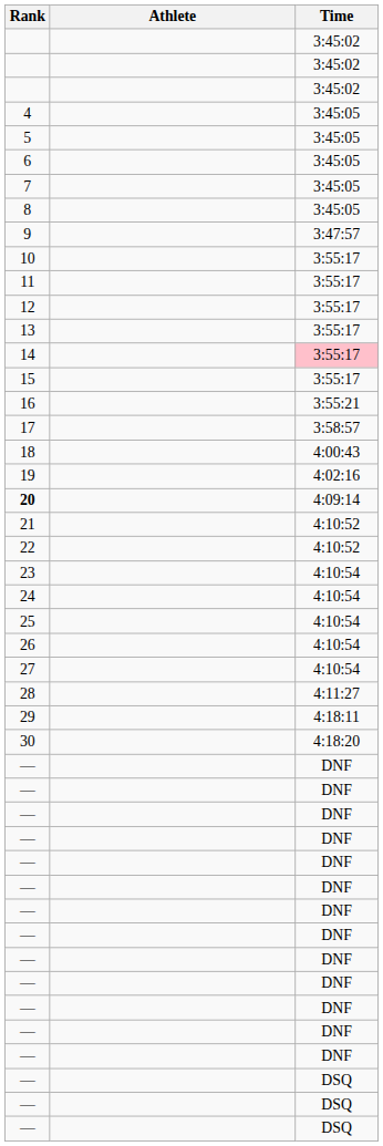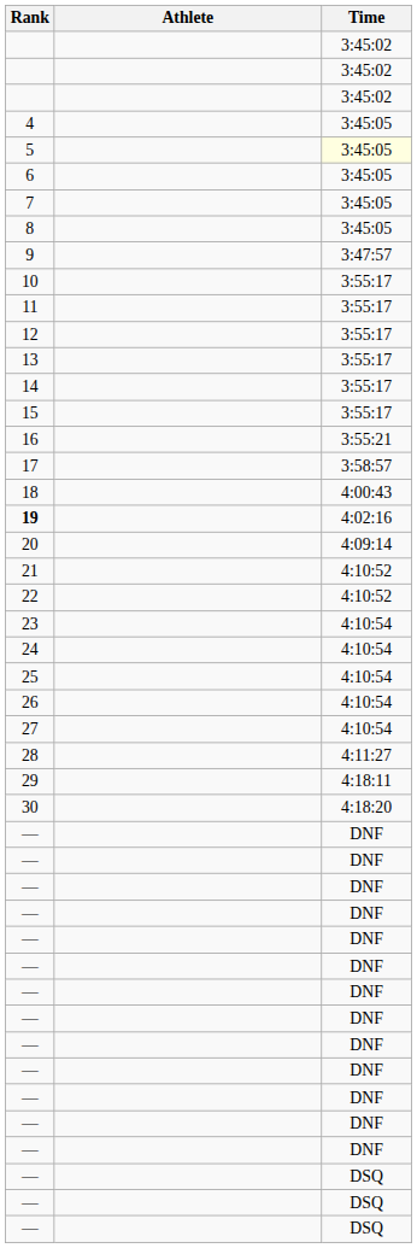 <table class=wikitable style="text-align:center">
 <tr>
 <th width=40>Rank</th>
 <th width=250>Athlete</th>
 <th width=80>Time</th>
 </tr>
 <tr>
 <td></td>
 <td align=left></td>
 <td>3:45:02</td>
 </tr>
 <tr>
 <td></td>
 <td align=left></td>
 <td>3:45:02</td>
 </tr>
 <tr>
 <td></td>
 <td align=left></td>
 <td>3:45:02</td>
 </tr>
 <tr>
 <td>4</td>
 <td align=left></td>
 <td>3:45:05</td>
 </tr>
 <tr>
 <td>5</td>
 <td align=left></td>
-<td>3:45:05</td>
+<td style="background: lightyellow;">3:45:05</td>
 </tr>
 <tr>
 <td>6</td>
 <td align=left></td>
 <td>3:45:05</td>
 </tr>
 <tr>
 <td>7</td>
 <td align=left></td>
 <td>3:45:05</td>
 </tr>
 <tr>
 <td>8</td>
 <td align=left></td>
 <td>3:45:05</td>
 </tr>
 <tr>
 <td>9</td>
 <td align=left></td>
 <td>3:47:57</td>
 </tr>
 <tr>
 <td>10</td>
 <td align=left></td>
 <td>3:55:17</td>
 </tr>
 <tr>
 <td>11</td>
 <td align=left></td>
 <td>3:55:17</td>
 </tr>
 <tr>
 <td>12</td>
 <td align=left></td>
 <td>3:55:17</td>
 </tr>
 <tr>
 <td>13</td>
 <td align=left></td>
 <td>3:55:17</td>
 </tr>
 <tr>
 <td>14</td>
 <td align=left></td>
-<td style="background: pink;">3:55:17</td>
+<td>3:55:17</td>
 </tr>
 <tr>
 <td>15</td>
 <td align=left></td>
 <td>3:55:17</td>
 </tr>
 <tr>
 <td>16</td>
 <td align=left></td>
 <td>3:55:21</td>
 </tr>
 <tr>
 <td>17</td>
 <td align=left></td>
 <td>3:58:57</td>
 </tr>
 <tr>
 <td>18</td>
 <td align=left></td>
 <td>4:00:43</td>
 </tr>
 <tr>
-<td>19</td>
+<td><strong>19</strong></td>
 <td align=left></td>
 <td>4:02:16</td>
 </tr>
 <tr>
-<td><strong>20</strong></td>
+<td>20</td>
 <td align=left></td>
 <td>4:09:14</td>
 </tr>
 <tr>
 <td>21</td>
 <td align=left></td>
 <td>4:10:52</td>
 </tr>
 <tr>
 <td>22</td>
 <td align=left></td>
 <td>4:10:52</td>
 </tr>
 <tr>
 <td>23</td>
 <td align=left></td>
 <td>4:10:54</td>
 </tr>
 <tr>
 <td>24</td>
 <td align=left></td>
 <td>4:10:54</td>
 </tr>
 <tr>
 <td>25</td>
 <td align=left></td>
 <td>4:10:54</td>
 </tr>
 <tr>
 <td>26</td>
 <td align=left></td>
 <td>4:10:54</td>
 </tr>
 <tr>
 <td>27</td>
 <td align=left></td>
 <td>4:10:54</td>
 </tr>
 <tr>
 <td>28</td>
 <td align=left></td>
 <td>4:11:27</td>
 </tr>
 <tr>
 <td>29</td>
 <td align=left></td>
 <td>4:18:11</td>
 </tr>
 <tr>
 <td>30</td>
 <td align=left></td>
 <td>4:18:20</td>
 </tr>
 <tr>
 <td>—</td>
 <td align=left></td>
 <td>DNF</td>
 </tr>
 <tr>
 <td>—</td>
 <td align=left></td>
 <td>DNF</td>
 </tr>
 <tr>
 <td>—</td>
 <td align=left></td>
 <td>DNF</td>
 </tr>
 <tr>
 <td>—</td>
 <td align=left></td>
 <td>DNF</td>
 </tr>
 <tr>
 <td>—</td>
 <td align=left></td>
 <td>DNF</td>
 </tr>
 <tr>
 <td>—</td>
 <td align=left></td>
 <td>DNF</td>
 </tr>
 <tr>
 <td>—</td>
 <td align=left></td>
 <td>DNF</td>
 </tr>
 <tr>
 <td>—</td>
 <td align=left></td>
 <td>DNF</td>
 </tr>
 <tr>
 <td>—</td>
 <td align=left></td>
 <td>DNF</td>
 </tr>
 <tr>
 <td>—</td>
 <td align=left></td>
 <td>DNF</td>
 </tr>
 <tr>
 <td>—</td>
 <td align=left></td>
 <td>DNF</td>
 </tr>
 <tr>
 <td>—</td>
 <td align=left></td>
 <td>DNF</td>
 </tr>
 <tr>
 <td>—</td>
 <td align=left></td>
 <td>DNF</td>
 </tr>
 <tr>
 <td>—</td>
 <td align=left></td>
 <td>DSQ</td>
 </tr>
 <tr>
 <td>—</td>
 <td align=left></td>
 <td>DSQ</td>
 </tr>
 <tr>
 <td>—</td>
 <td align=left></td>
 <td>DSQ</td>
 </tr>
 </table>
